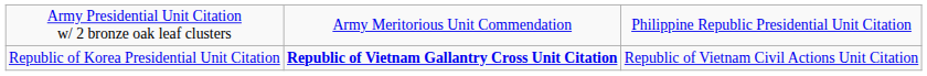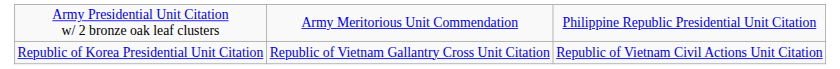 <table class="wikitable" style="margin:1em auto; text-align:center;">
 <tr>
 <td><a href='#'>Army Presidential Unit Citation</a><br>w/ 2 bronze oak leaf clusters</td>
 <td><a href='#'>Army Meritorious Unit Commendation</a></td>
 <td><a href='#'>Philippine Republic Presidential Unit Citation</a></td>
 </tr>
 <tr>
 <td><a href='#'>Republic of Korea Presidential Unit Citation</a></td>
-<td><strong><a href='#'>Republic of Vietnam Gallantry Cross Unit Citation</a></strong></td>
+<td><a href='#'>Republic of Vietnam Gallantry Cross Unit Citation</a></td>
 <td><a href='#'>Republic of Vietnam Civil Actions Unit Citation</a></td>
 </tr>
 </table>
